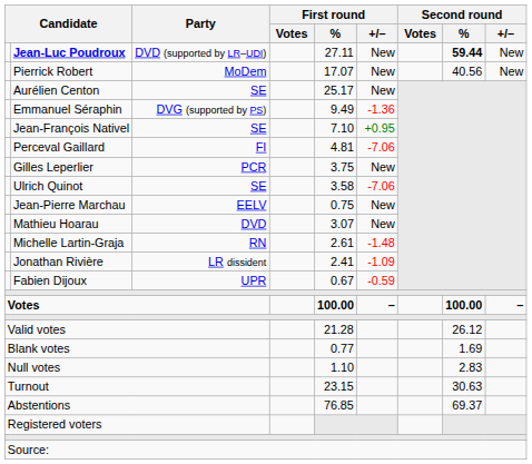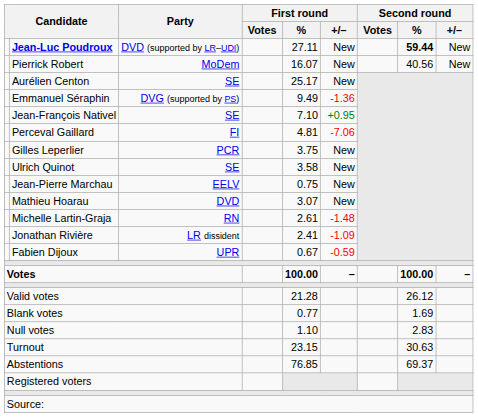 <table class="wikitable" style="text-align:right;font-size:95%;">
 <tr>
 <th rowspan="2" colspan="2">Candidate</th>
 <th rowspan="2">Party</th>
 <th colspan="3">First round</th>
 <th colspan="3">Second round</th>
 </tr>
 <tr>
 <th style="width:50px;">Votes</th>
 <th style="width:45px;">%</th>
 <th style="width:45px;">+/–</th>
 <th style="width:50px;">Votes</th>
 <th style="width:45px;">%</th>
 <th style="width:45px;">+/–</th>
 </tr>
 <tr>
 <td style="color:inherit;background:"></td>
 <td style="text-align:left;"><strong><a href='#'>Jean-Luc Poudroux</a></strong></td>
 <td><a href='#'>DVD</a> <small>(supported by <a href='#'>LR</a>–<a href='#'>UDI</a>)</small></td>
 <td></td>
 <td>27.11</td>
 <td>New</td>
 <td><strong></strong></td>
 <td><strong>59.44</strong></td>
 <td>New</td>
 </tr>
 <tr>
 <td style="color:inherit;background:"></td>
 <td style="text-align:left;">Pierrick Robert</td>
 <td><a href='#'>MoDem</a></td>
 <td></td>
-<td>17.07</td>
+<td>16.07</td>
 <td>New</td>
 <td></td>
 <td>40.56</td>
 <td>New</td>
 </tr>
 <tr>
 <td style="color:inherit;background:"></td>
 <td style="text-align:left;">Aurélien Centon</td>
 <td><a href='#'>SE</a></td>
 <td></td>
 <td>25.17</td>
 <td>New</td>
 <td colspan="3" rowspan="11" style="background:#E9E9E9;"></td>
 </tr>
 <tr>
 <td style="color:inherit;background:"></td>
 <td style="text-align:left;">Emmanuel Séraphin</td>
 <td><a href='#'>DVG</a> <small>(supported by <a href='#'>PS</a>)</small></td>
 <td></td>
 <td>9.49</td>
 <td style="color:red;">-1.36</td>
 </tr>
 <tr>
 <td style="color:inherit;background:"></td>
 <td style="text-align:left;">Jean-François Nativel</td>
 <td><a href='#'>SE</a></td>
 <td></td>
 <td>7.10</td>
 <td style="color:green;">+0.95</td>
 </tr>
 <tr>
 <td style="color:inherit;background:"></td>
 <td style="text-align:left;">Perceval Gaillard</td>
 <td><a href='#'>FI</a></td>
 <td></td>
 <td>4.81</td>
 <td style="color:red;">-7.06</td>
 </tr>
 <tr>
 <td style="color:inherit;background:"></td>
 <td style="text-align:left;">Gilles Leperlier</td>
 <td><a href='#'>PCR</a></td>
 <td></td>
 <td>3.75</td>
 <td>New</td>
 </tr>
 <tr>
 <td style="color:inherit;background:"></td>
 <td style="text-align:left;">Ulrich Quinot</td>
 <td><a href='#'>SE</a></td>
 <td></td>
 <td>3.58</td>
-<td style="color:red;">-7.06</td>
+<td>New</td>
 </tr>
 <tr>
 <td style="color:inherit;background:"></td>
 <td style="text-align:left;">Jean-Pierre Marchau</td>
 <td><a href='#'>EELV</a></td>
 <td></td>
 <td>0.75</td>
 <td>New</td>
 </tr>
 <tr>
 <td style="color:inherit;background:"></td>
 <td style="text-align:left;">Mathieu Hoarau</td>
 <td><a href='#'>DVD</a></td>
 <td></td>
 <td>3.07</td>
 <td>New</td>
 </tr>
 <tr>
 <td style="color:inherit;background:"></td>
 <td style="text-align:left;">Michelle Lartin-Graja</td>
 <td><a href='#'>RN</a></td>
 <td></td>
 <td>2.61</td>
 <td style="color:red;">-1.48</td>
 </tr>
 <tr>
 <td style="color:inherit;background:"></td>
 <td style="text-align:left;">Jonathan Rivière</td>
 <td><a href='#'>LR</a> <small>dissident</small></td>
 <td></td>
 <td>2.41</td>
 <td style="color:red;">-1.09</td>
 </tr>
 <tr>
 <td style="color:inherit;background:"></td>
 <td style="text-align:left;">Fabien Dijoux</td>
 <td><a href='#'>UPR</a></td>
 <td></td>
 <td>0.67</td>
 <td style="color:red;">-0.59</td>
 </tr>
 <tr>
 <td colspan="9" style="background:#E9E9E9;"></td>
 </tr>
 <tr style="font-weight:bold;">
 <td colspan="3" style="text-align:left;">Votes</td>
 <td></td>
 <td>100.00</td>
 <td>–</td>
 <td></td>
 <td>100.00</td>
 <td>–</td>
 </tr>
 <tr>
 <td colspan="9" style="background:#E9E9E9;"></td>
 </tr>
 <tr>
 <td colspan="3" style="text-align:left;">Valid votes</td>
 <td></td>
 <td>21.28</td>
 <td></td>
 <td></td>
 <td>26.12</td>
 <td></td>
 </tr>
 <tr>
 <td colspan="3" style="text-align:left;">Blank votes</td>
 <td></td>
 <td>0.77</td>
 <td></td>
 <td></td>
 <td>1.69</td>
 <td></td>
 </tr>
 <tr>
 <td colspan="3" style="text-align:left;">Null votes</td>
 <td></td>
 <td>1.10</td>
 <td></td>
 <td></td>
 <td>2.83</td>
 <td></td>
 </tr>
 <tr>
 <td colspan="3" style="text-align:left;">Turnout</td>
 <td></td>
 <td>23.15</td>
 <td></td>
 <td></td>
 <td>30.63</td>
 <td></td>
 </tr>
 <tr>
 <td colspan="3" style="text-align:left;">Abstentions</td>
 <td></td>
 <td>76.85</td>
 <td></td>
 <td></td>
 <td>69.37</td>
 <td></td>
 </tr>
 <tr>
 <td colspan="3" style="text-align:left;">Registered voters</td>
 <td></td>
 <td colspan="2" style="background:#E9E9E9;"></td>
 <td></td>
 <td colspan="2" style="background:#E9E9E9;"></td>
 </tr>
 <tr>
 <td colspan="9" style="background:#E9E9E9;"></td>
 </tr>
 <tr>
 <td colspan="9" style="text-align:left;">Source: </td>
 </tr>
 </table>
